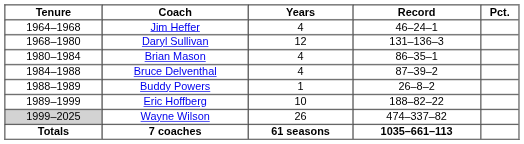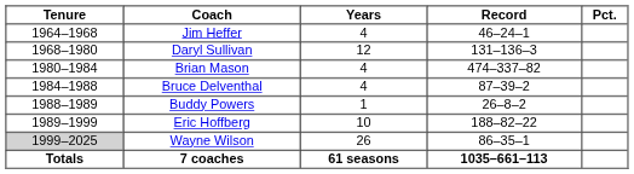 <table cellpadding="1" border="1" cellspacing="0" width="60%">
 <tr>
 <th>Tenure</th>
 <th>Coach</th>
 <th>Years</th>
 <th>Record</th>
 <th>Pct.</th>
 </tr>
 <tr align="center">
 <td>1964–1968</td>
 <td><a href='#'>Jim Heffer</a></td>
 <td>4</td>
 <td>46–24–1</td>
 <td></td>
 </tr>
 <tr align="center">
 <td>1968–1980</td>
 <td><a href='#'>Daryl Sullivan</a></td>
 <td>12</td>
 <td>131–136–3</td>
 <td></td>
 </tr>
 <tr align="center">
 <td>1980–1984</td>
 <td><a href='#'>Brian Mason</a></td>
 <td>4</td>
-<td>86–35–1</td>
+<td>474–337–82</td>
 <td></td>
 </tr>
 <tr align="center">
 <td>1984–1988</td>
 <td><a href='#'>Bruce Delventhal</a></td>
 <td>4</td>
 <td>87–39–2</td>
 <td></td>
 </tr>
 <tr align="center">
 <td>1988–1989</td>
 <td><a href='#'>Buddy Powers</a></td>
 <td>1</td>
 <td>26–8–2</td>
 <td></td>
 </tr>
 <tr align="center">
 <td>1989–1999</td>
 <td><a href='#'>Eric Hoffberg</a></td>
 <td>10</td>
 <td>188–82–22</td>
 <td></td>
 </tr>
 <tr align="center">
 <td style="background: lightgrey;">1999–2025</td>
 <td><a href='#'>Wayne Wilson</a></td>
 <td>26</td>
-<td>474–337–82</td>
+<td>86–35–1</td>
 <td></td>
 </tr>
 <tr align=center>
 <th>Totals</th>
 <th>7 coaches</th>
 <th>61 seasons</th>
 <th>1035–661–113</th>
 <th></th>
 </tr>
 </table>
